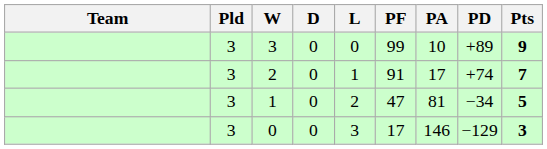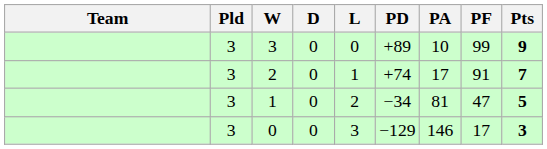 <table class="wikitable" style="text-align: center;">
 <tr>
 <th style="width:180px;">Team</th>
 <th width="30">Pld</th>
 <th width="30">W</th>
 <th width="30">D</th>
 <th width="30">L</th>
+<th width="30">PD</th>
+<th width="30">PA</th>
 <th width="30">PF</th>
-<th width="30">PA</th>
-<th width="30">PD</th>
 <th width="30">Pts</th>
 </tr>
 <tr style="background:#cfc;">
 <td style="text-align:left"></td>
 <td>3</td>
 <td>3</td>
 <td>0</td>
 <td>0</td>
+<td>+89</td>
+<td>10</td>
 <td>99</td>
-<td>10</td>
-<td>+89</td>
 <td><strong>9</strong></td>
 </tr>
 <tr style="background:#cfc;">
 <td style="text-align:left"></td>
 <td>3</td>
 <td>2</td>
 <td>0</td>
 <td>1</td>
+<td>+74</td>
+<td>17</td>
 <td>91</td>
-<td>17</td>
-<td>+74</td>
 <td><strong>7</strong></td>
 </tr>
 <tr style="background:#cfc;">
 <td style="text-align:left"></td>
 <td>3</td>
 <td>1</td>
 <td>0</td>
 <td>2</td>
+<td>−34</td>
+<td>81</td>
 <td>47</td>
-<td>81</td>
-<td>−34</td>
 <td><strong>5</strong></td>
 </tr>
 <tr style="background:#cfc;">
 <td style="text-align:left"></td>
 <td>3</td>
 <td>0</td>
 <td>0</td>
 <td>3</td>
+<td>−129</td>
+<td>146</td>
 <td>17</td>
-<td>146</td>
-<td>−129</td>
 <td><strong>3</strong></td>
 </tr>
 </table>
